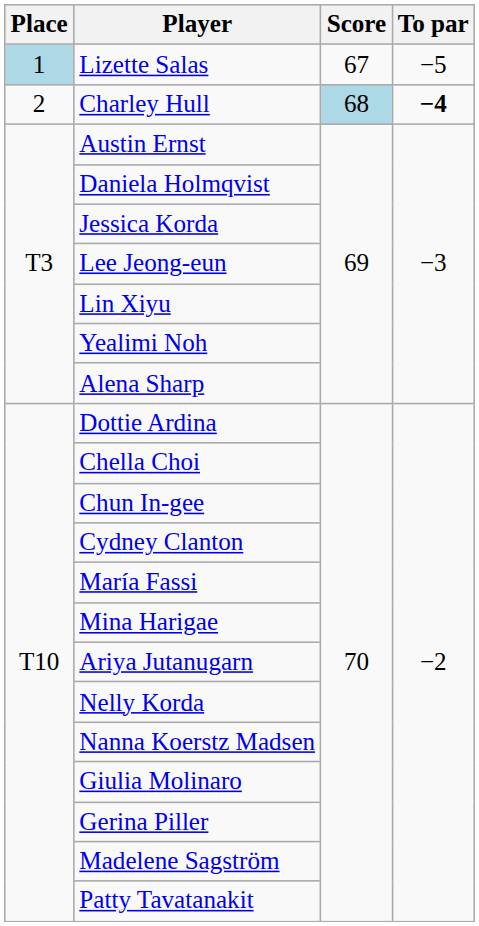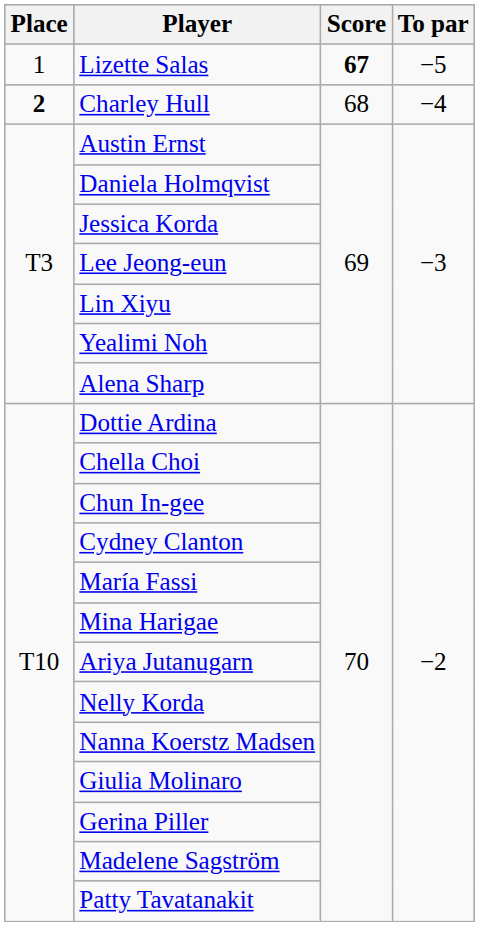 <table class="wikitable">
 <tr>
 <th>Place</th>
 <th>Player</th>
 <th>Score</th>
 <th>To par</th>
 </tr>
 <tr>
-<td align=center style="background: lightblue;">1</td>
+<td align=center>1</td>
 <td> <a href='#'>Lizette Salas</a></td>
-<td align=center>67</td>
+<td align=center><strong>67</strong></td>
 <td align=center>−5</td>
 </tr>
 <tr>
-<td align=center>2</td>
+<td align=center><strong>2</strong></td>
 <td> <a href='#'>Charley Hull</a></td>
-<td align=center style="background: lightblue;">68</td>
-<td align=center><strong>−4</strong></td>
+<td align=center>68</td>
+<td align=center>−4</td>
 </tr>
 <tr>
 <td align=center rowspan=7>T3</td>
 <td> <a href='#'>Austin Ernst</a></td>
 <td align=center rowspan=7>69</td>
 <td align=center rowspan=7>−3</td>
 </tr>
 <tr>
 <td> <a href='#'>Daniela Holmqvist</a></td>
 </tr>
 <tr>
 <td> <a href='#'>Jessica Korda</a></td>
 </tr>
 <tr>
 <td> <a href='#'>Lee Jeong-eun</a></td>
 </tr>
 <tr>
 <td> <a href='#'>Lin Xiyu</a></td>
 </tr>
 <tr>
 <td> <a href='#'>Yealimi Noh</a></td>
 </tr>
 <tr>
 <td> <a href='#'>Alena Sharp</a></td>
 </tr>
 <tr>
 <td align=center rowspan=13>T10</td>
 <td> <a href='#'>Dottie Ardina</a></td>
 <td align=center rowspan=13>70</td>
 <td align=center rowspan=13>−2</td>
 </tr>
 <tr>
 <td> <a href='#'>Chella Choi</a></td>
 </tr>
 <tr>
 <td> <a href='#'>Chun In-gee</a></td>
 </tr>
 <tr>
 <td> <a href='#'>Cydney Clanton</a></td>
 </tr>
 <tr>
 <td> <a href='#'>María Fassi</a></td>
 </tr>
 <tr>
 <td> <a href='#'>Mina Harigae</a></td>
 </tr>
 <tr>
 <td> <a href='#'>Ariya Jutanugarn</a></td>
 </tr>
 <tr>
 <td> <a href='#'>Nelly Korda</a></td>
 </tr>
 <tr>
 <td> <a href='#'>Nanna Koerstz Madsen</a></td>
 </tr>
 <tr>
 <td> <a href='#'>Giulia Molinaro</a></td>
 </tr>
 <tr>
 <td> <a href='#'>Gerina Piller</a></td>
 </tr>
 <tr>
 <td> <a href='#'>Madelene Sagström</a></td>
 </tr>
 <tr>
 <td> <a href='#'>Patty Tavatanakit</a></td>
 </tr>
 </table>
